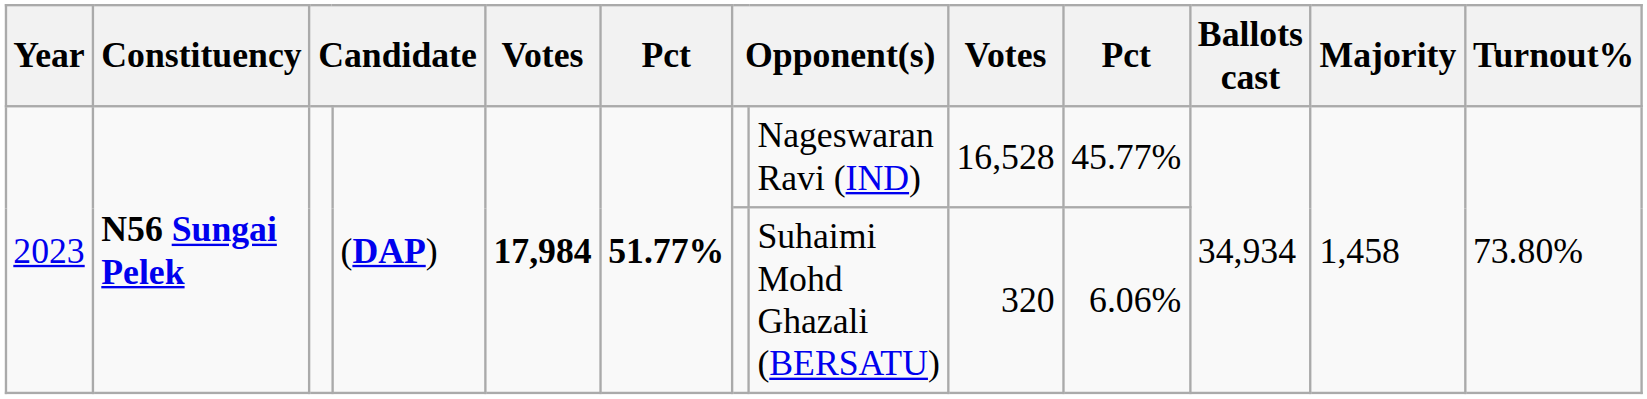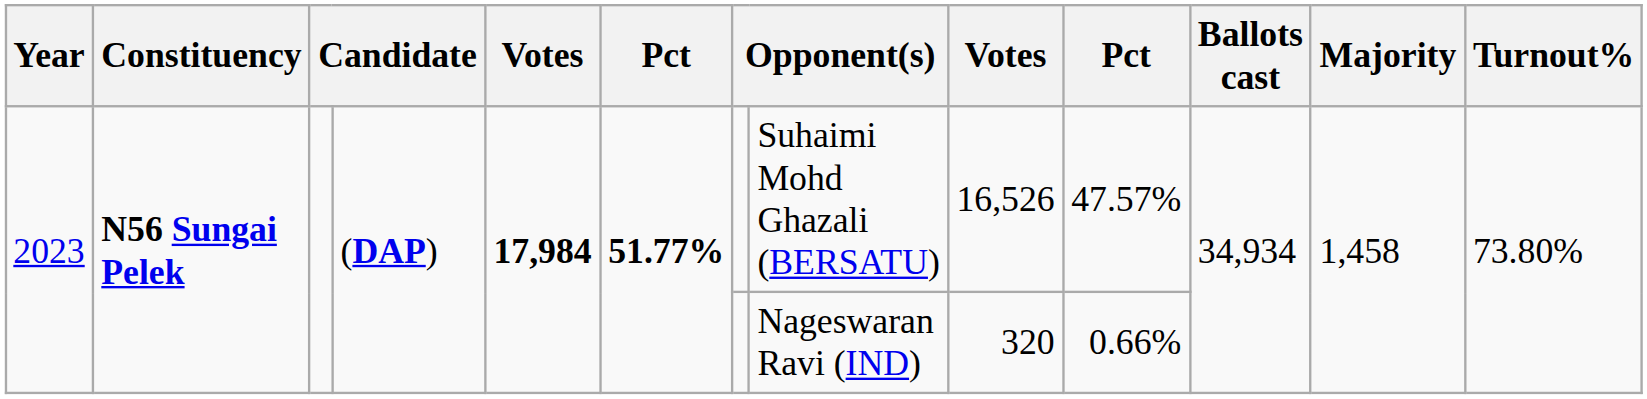 <table class="wikitable" style="margin:0.5em ; font-size:95%">
 <tr>
 <th>Year</th>
 <th>Constituency</th>
 <th colspan=2>Candidate</th>
 <th>Votes</th>
 <th>Pct</th>
 <th colspan=2>Opponent(s)</th>
 <th>Votes</th>
 <th>Pct</th>
 <th>Ballots cast</th>
 <th>Majority</th>
 <th>Turnout%</th>
 </tr>
 <tr>
 <td rowspan=2><a href='#'>2023</a></td>
 <td rowspan=2><strong>N56 <a href='#'>Sungai Pelek</a></strong></td>
 <td rowspan=2 ></td>
 <td rowspan=2> (<a href='#'><strong>DAP</strong></a>)</td>
 <td rowspan=2 align=right><strong>17,984</strong></td>
 <td rowspan=2><strong>51.77%</strong></td>
 <td bgcolor=></td>
-<td>Nageswaran Ravi (<a href='#'>IND</a>)</td>
-<td align=right>16,528</td>
-<td>45.77%</td>
+<td>Suhaimi Mohd Ghazali (<a href='#'>BERSATU</a>)</td>
+<td align=right>16,526</td>
+<td>47.57%</td>
 <td rowspan=2>34,934</td>
 <td rowspan=2>1,458</td>
 <td rowspan=2>73.80%</td>
 </tr>
 <tr>
 <td></td>
-<td>Suhaimi Mohd Ghazali (<a href='#'>BERSATU</a>)</td>
+<td>Nageswaran Ravi (<a href='#'>IND</a>)</td>
 <td align=right>320</td>
-<td align=right>6.06%</td>
+<td align=right>0.66%</td>
 </tr>
 </table>
